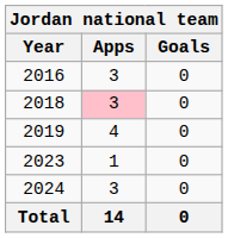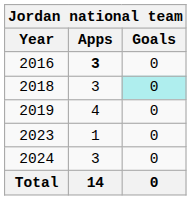 <table class="wikitable" style="text-align:center">
 <tr>
 <th colspan=3>Jordan national team</th>
 </tr>
 <tr>
 <th>Year</th>
 <th>Apps</th>
 <th>Goals</th>
 </tr>
 <tr>
 <td>2016</td>
-<td>3</td>
+<td><strong>3</strong></td>
 <td>0</td>
 </tr>
 <tr>
 <td>2018</td>
-<td style="background: pink;">3</td>
-<td>0</td>
+<td>3</td>
+<td style="background: paleturquoise;">0</td>
 </tr>
 <tr>
 <td>2019</td>
 <td>4</td>
 <td>0</td>
 </tr>
 <tr>
 <td>2023</td>
 <td>1</td>
 <td>0</td>
 </tr>
 <tr>
 <td>2024</td>
 <td>3</td>
 <td>0</td>
 </tr>
 <tr>
 <th>Total</th>
 <th>14</th>
 <th>0</th>
 </tr>
 </table>
